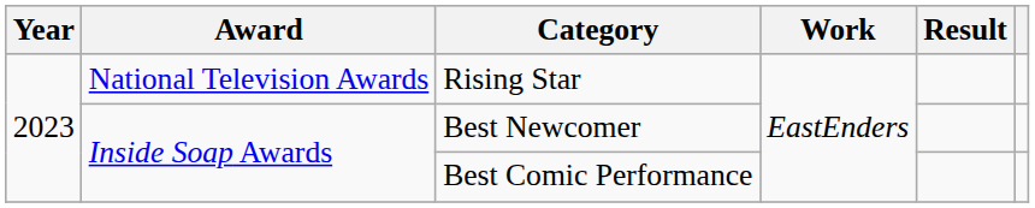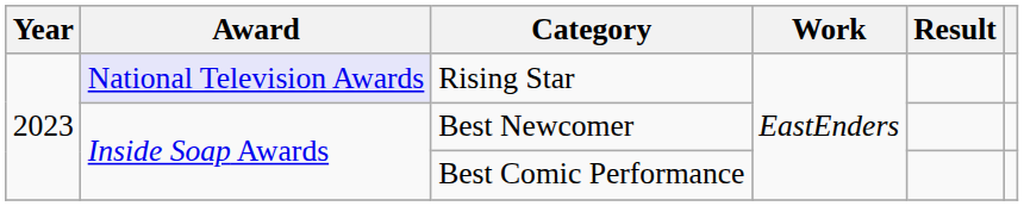 <table class="wikitable">
 <tr>
 <th>Year</th>
 <th>Award</th>
 <th>Category</th>
 <th>Work</th>
 <th>Result</th>
 <th></th>
 </tr>
 <tr>
 <td rowspan="3">2023</td>
-<td><a href='#'>National Television Awards</a></td>
+<td style="background: lavender;"><a href='#'>National Television Awards</a></td>
 <td>Rising Star</td>
 <td rowspan="3"><em>EastEnders</em></td>
 <td></td>
 <td align="center"></td>
 </tr>
 <tr>
 <td rowspan="2"><a href='#'><em>Inside Soap</em> Awards</a></td>
 <td>Best Newcomer</td>
 <td></td>
 <td align="center"></td>
 </tr>
 <tr>
 <td>Best Comic Performance</td>
 <td></td>
 <td align="center"></td>
 </tr>
 </table>
